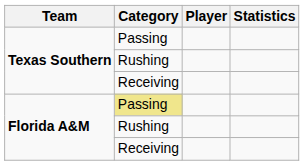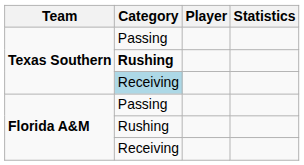 <table class="wikitable" style="float: right;">
 <tr>
 <th>Team</th>
 <th>Category</th>
 <th>Player</th>
 <th>Statistics</th>
 </tr>
 <tr>
 <td rowspan=3><strong>Texas Southern</strong></td>
 <td>Passing</td>
 <td></td>
 <td></td>
 </tr>
 <tr>
-<td>Rushing</td>
+<td><strong>Rushing</strong></td>
 <td></td>
 <td></td>
 </tr>
 <tr>
-<td>Receiving</td>
+<td style="background: lightblue;">Receiving</td>
 <td></td>
 <td></td>
 </tr>
 <tr>
 <td rowspan=3><strong>Florida A&M</strong></td>
-<td style="background: khaki;">Passing</td>
+<td>Passing</td>
 <td></td>
 <td></td>
 </tr>
 <tr>
 <td>Rushing</td>
 <td></td>
 <td></td>
 </tr>
 <tr>
 <td>Receiving</td>
 <td></td>
 <td></td>
 </tr>
 </table>
